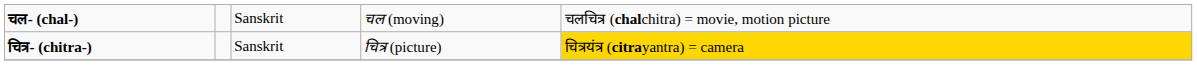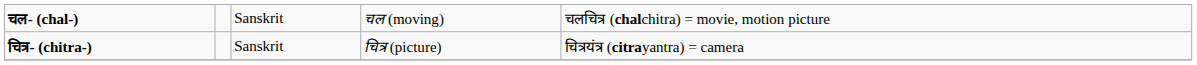 <table class="wikitable sortable" width="100%">
 <tr>
 <td><strong>चल- (chal-)</strong></td>
 <td></td>
 <td>Sanskrit</td>
 <td><em>चल</em> (moving)</td>
 <td>चलचित्र (<strong>chal</strong>chitra) = movie, motion picture</td>
 </tr>
 <tr>
 <td><strong>चित्र- (chitra-)</strong></td>
 <td></td>
 <td>Sanskrit</td>
 <td><em>चित्र</em> (picture)</td>
-<td style="background: gold;">चित्रयंत्र (<strong>citra</strong>yantra) = camera</td>
+<td>चित्रयंत्र (<strong>citra</strong>yantra) = camera</td>
 </tr>
 <tr>
 </tr>
 </table>
